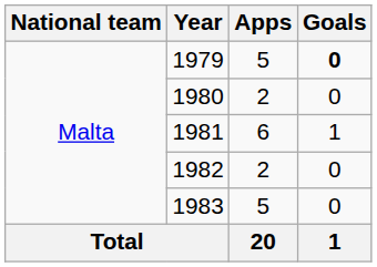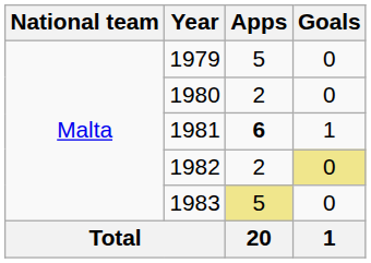 <table class="wikitable" style="text-align:center">
 <tr>
 <th>National team</th>
 <th>Year</th>
 <th>Apps</th>
 <th>Goals</th>
 </tr>
 <tr>
 <td rowspan="5"><a href='#'>Malta</a></td>
 <td>1979</td>
 <td>5</td>
-<td><strong>0</strong></td>
+<td>0</td>
 </tr>
 <tr>
 <td>1980</td>
 <td>2</td>
 <td>0</td>
 </tr>
 <tr>
 <td>1981</td>
-<td>6</td>
+<td><strong>6</strong></td>
 <td>1</td>
 </tr>
 <tr>
 <td>1982</td>
 <td>2</td>
-<td>0</td>
+<td style="background: khaki;">0</td>
 </tr>
 <tr>
 <td>1983</td>
-<td>5</td>
+<td style="background: khaki;">5</td>
 <td>0</td>
 </tr>
 <tr>
 <th colspan=2>Total</th>
 <th>20</th>
 <th>1</th>
 </tr>
 </table>
